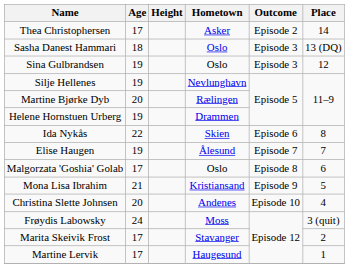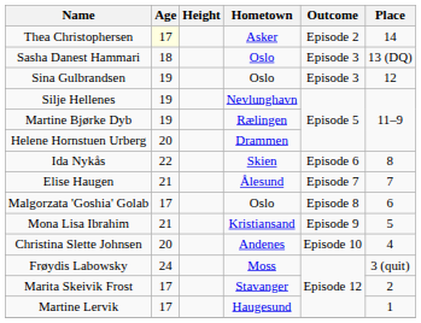 <table class="wikitable sortable" style="text-align:center;">
 <tr>
 <th>Name</th>
 <th>Age</th>
 <th>Height</th>
 <th>Hometown</th>
 <th>Outcome</th>
 <th>Place</th>
 </tr>
 <tr>
 <td>Thea Christophersen</td>
-<td>17</td>
+<td style="background: lightyellow;">17</td>
 <td></td>
 <td><a href='#'>Asker</a></td>
 <td>Episode 2</td>
 <td>14</td>
 </tr>
 <tr>
 <td>Sasha Danest Hammari</td>
 <td>18</td>
 <td></td>
 <td><a href='#'>Oslo</a></td>
 <td>Episode 3</td>
 <td>13 (DQ)</td>
 </tr>
 <tr>
 <td>Sina Gulbrandsen</td>
 <td>19</td>
 <td></td>
 <td>Oslo</td>
 <td>Episode 3</td>
 <td>12</td>
 </tr>
 <tr>
 <td>Silje Hellenes</td>
 <td>19</td>
 <td></td>
 <td><a href='#'>Nevlunghavn</a></td>
 <td rowspan="3">Episode 5</td>
 <td rowspan="3">11–9</td>
 </tr>
 <tr>
 <td>Martine Bjørke Dyb</td>
-<td>20</td>
+<td>19</td>
 <td></td>
 <td><a href='#'>Rælingen</a></td>
 </tr>
 <tr>
 <td>Helene Hornstuen Urberg</td>
-<td>19</td>
+<td>20</td>
 <td></td>
 <td><a href='#'>Drammen</a></td>
 </tr>
 <tr>
 <td>Ida Nykås</td>
 <td>22</td>
 <td></td>
 <td><a href='#'>Skien</a></td>
 <td>Episode 6</td>
 <td>8</td>
 </tr>
 <tr>
 <td>Elise Haugen</td>
-<td>19</td>
+<td>21</td>
 <td></td>
 <td><a href='#'>Ålesund</a></td>
 <td>Episode 7</td>
 <td>7</td>
 </tr>
 <tr>
 <td>Malgorzata 'Goshia' Golab</td>
 <td>17</td>
 <td></td>
 <td>Oslo</td>
 <td>Episode 8</td>
 <td>6</td>
 </tr>
 <tr>
 <td>Mona Lisa Ibrahim</td>
 <td>21</td>
 <td></td>
 <td><a href='#'>Kristiansand</a></td>
 <td>Episode 9</td>
 <td>5</td>
 </tr>
 <tr>
 <td>Christina Slette Johnsen</td>
 <td>20</td>
 <td></td>
 <td><a href='#'>Andenes</a></td>
 <td>Episode 10</td>
 <td>4</td>
 </tr>
 <tr>
 <td>Frøydis Labowsky</td>
 <td>24</td>
 <td></td>
 <td><a href='#'>Moss</a></td>
 <td rowspan="3">Episode 12</td>
 <td>3 (quit)</td>
 </tr>
 <tr>
 <td>Marita Skeivik Frost</td>
 <td>17</td>
 <td></td>
 <td><a href='#'>Stavanger</a></td>
 <td>2</td>
 </tr>
 <tr>
 <td>Martine Lervik</td>
 <td>17</td>
 <td></td>
 <td><a href='#'>Haugesund</a></td>
 <td>1</td>
 </tr>
 <tr>
 </tr>
 </table>
